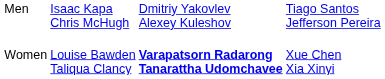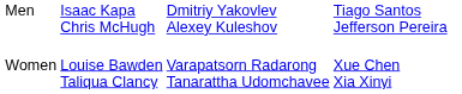 <table>
 <tr>
 <td>Men</td>
 <td><br><a href='#'>Isaac Kapa</a><br><a href='#'>Chris McHugh</a></td>
 <td><br><a href='#'>Dmitriy Yakovlev</a><br><a href='#'>Alexey Kuleshov</a></td>
 <td><br><a href='#'>Tiago Santos</a><br><a href='#'>Jefferson Pereira</a></td>
 </tr>
 <tr>
 <td>Women</td>
 <td><br><a href='#'>Louise Bawden</a><br><a href='#'>Taliqua Clancy</a></td>
-<td><strong><br><a href='#'>Varapatsorn Radarong</a><br><a href='#'>Tanarattha Udomchavee</a></strong></td>
+<td><br><a href='#'>Varapatsorn Radarong</a><br><a href='#'>Tanarattha Udomchavee</a></td>
 <td><br><a href='#'>Xue Chen</a><br><a href='#'>Xia Xinyi</a></td>
 </tr>
 </table>
